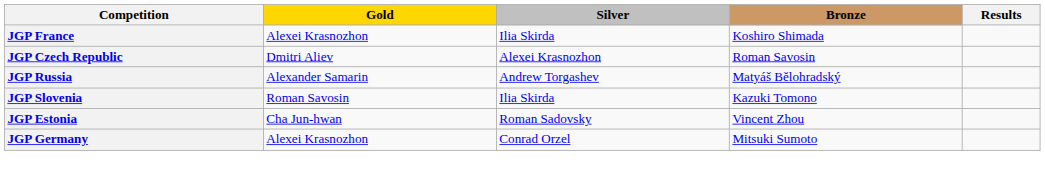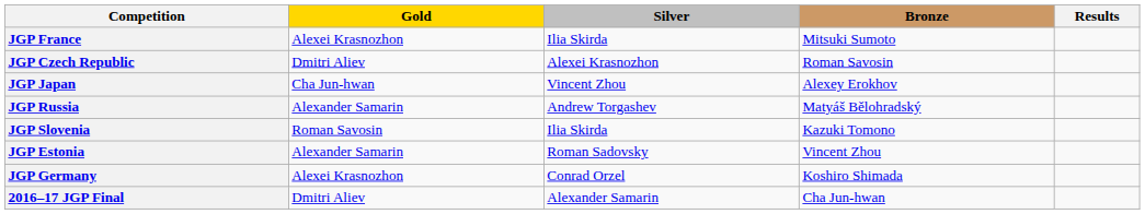 <table class="wikitable unsortable" style="text-align:left; width:100%">
 <tr>
 <th scope="col" style="text-align:center; width:25%;">Competition</th>
 <td scope="col" style="text-align:center; width:22.5%; background:gold"><strong>Gold</strong></td>
 <td scope="col" style="text-align:center; width:22.5%; background:silver"><strong>Silver</strong></td>
 <td scope="col" style="text-align:center; width:22.5%; background:#c96"><strong>Bronze</strong></td>
 <th scope="col" style="text-align:center; width:7.5%;">Results</th>
 </tr>
 <tr>
 <th scope="row" style="text-align:left"> <a href='#'>JGP France</a></th>
 <td> <a href='#'>Alexei Krasnozhon</a></td>
 <td> <a href='#'>Ilia Skirda</a></td>
-<td> <a href='#'>Koshiro Shimada</a></td>
+<td> <a href='#'>Mitsuki Sumoto</a></td>
 <td></td>
 </tr>
 <tr>
 <th scope="row" style="text-align:left"> <a href='#'>JGP Czech Republic</a></th>
 <td> <a href='#'>Dmitri Aliev</a></td>
 <td> <a href='#'>Alexei Krasnozhon</a></td>
 <td> <a href='#'>Roman Savosin</a></td>
+<td></td>
+</tr>
+<tr>
+<th scope="row" style="text-align:left"> <a href='#'>JGP Japan</a></th>
+<td> <a href='#'>Cha Jun-hwan</a></td>
+<td> <a href='#'>Vincent Zhou</a></td>
+<td> <a href='#'>Alexey Erokhov</a></td>
 <td></td>
 </tr>
 <tr>
 <th scope="row" style="text-align:left"> <a href='#'>JGP Russia</a></th>
 <td> <a href='#'>Alexander Samarin</a></td>
 <td> <a href='#'>Andrew Torgashev</a></td>
 <td> <a href='#'>Matyáš Bělohradský</a></td>
 <td></td>
 </tr>
 <tr>
 <th scope="row" style="text-align:left"> <a href='#'>JGP Slovenia</a></th>
 <td> <a href='#'>Roman Savosin</a></td>
 <td> <a href='#'>Ilia Skirda</a></td>
 <td> <a href='#'>Kazuki Tomono</a></td>
 <td></td>
 </tr>
 <tr>
 <th scope="row" style="text-align:left"> <a href='#'>JGP Estonia</a></th>
-<td> <a href='#'>Cha Jun-hwan</a></td>
+<td> <a href='#'>Alexander Samarin</a></td>
 <td> <a href='#'>Roman Sadovsky</a></td>
 <td> <a href='#'>Vincent Zhou</a></td>
 <td></td>
 </tr>
 <tr>
 <th scope="row" style="text-align:left"> <a href='#'>JGP Germany</a></th>
 <td> <a href='#'>Alexei Krasnozhon</a></td>
 <td> <a href='#'>Conrad Orzel</a></td>
-<td> <a href='#'>Mitsuki Sumoto</a></td>
+<td> <a href='#'>Koshiro Shimada</a></td>
+<td></td>
+</tr>
+<tr>
+<th scope="row" style="text-align:left"> <a href='#'>2016–17 JGP Final</a></th>
+<td> <a href='#'>Dmitri Aliev</a></td>
+<td> <a href='#'>Alexander Samarin</a></td>
+<td> <a href='#'>Cha Jun-hwan</a></td>
 <td></td>
 </tr>
 </table>
